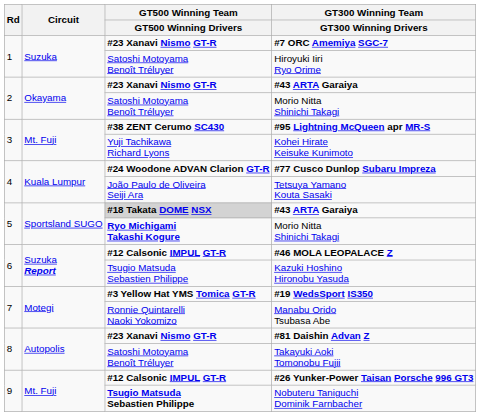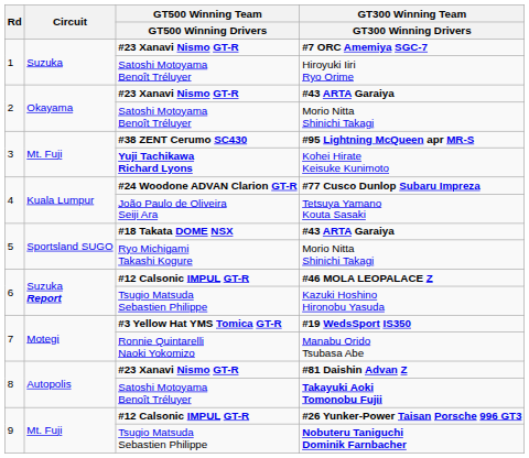 <table class="wikitable" style="font-size: 90%">
 <tr>
 <th rowspan=2>Rd</th>
 <th rowspan=2>Circuit</th>
 <th>GT500 Winning Team</th>
 <th>GT300 Winning Team</th>
 </tr>
 <tr>
 <th>GT500 Winning Drivers</th>
 <th>GT300 Winning Drivers</th>
 </tr>
 <tr>
 <td rowspan=2>1</td>
 <td rowspan=2><a href='#'>Suzuka</a></td>
 <td> <strong>#23 Xanavi <a href='#'>Nismo</a> <a href='#'>GT-R</a></strong></td>
 <td> <strong>#7 ORC <a href='#'>Amemiya</a> <a href='#'>SGC-7</a></strong></td>
 </tr>
 <tr>
 <td> <a href='#'>Satoshi Motoyama</a><br> <a href='#'>Benoît Tréluyer</a></td>
 <td> Hiroyuki Iiri<br> <a href='#'>Ryo Orime</a></td>
 </tr>
 <tr>
 <td rowspan=2>2</td>
 <td rowspan=2><a href='#'>Okayama</a></td>
 <td> <strong>#23 Xanavi <a href='#'>Nismo</a> <a href='#'>GT-R</a></strong></td>
 <td> <strong>#43 <a href='#'>ARTA</a> Garaiya</strong></td>
 </tr>
 <tr>
 <td> <a href='#'>Satoshi Motoyama</a><br> <a href='#'>Benoît Tréluyer</a></td>
 <td> Morio Nitta<br> <a href='#'>Shinichi Takagi</a></td>
 </tr>
 <tr>
 <td rowspan=2>3</td>
 <td rowspan=2><a href='#'>Mt. Fuji</a></td>
 <td> <strong>#38 ZENT Cerumo <a href='#'>SC430</a></strong></td>
 <td> <strong>#95 <a href='#'>Lightning McQueen</a> apr <a href='#'>MR-S</a></strong></td>
 </tr>
 <tr>
-<td> <a href='#'>Yuji Tachikawa</a><br> <a href='#'>Richard Lyons</a></td>
+<td><strong> <a href='#'>Yuji Tachikawa</a><br> <a href='#'>Richard Lyons</a></strong></td>
 <td> <a href='#'>Kohei Hirate</a><br> <a href='#'>Keisuke Kunimoto</a></td>
 </tr>
 <tr>
 <td rowspan=2>4</td>
 <td rowspan=2><a href='#'>Kuala Lumpur</a></td>
 <td> <strong>#24 Woodone ADVAN Clarion <a href='#'>GT-R</a></strong></td>
 <td> <strong>#77 Cusco Dunlop <a href='#'>Subaru Impreza</a></strong></td>
 </tr>
 <tr>
 <td>  <a href='#'>João Paulo de Oliveira</a><br> <a href='#'>Seiji Ara</a></td>
 <td> <a href='#'>Tetsuya Yamano</a><br> <a href='#'>Kouta Sasaki</a></td>
 </tr>
 <tr>
 <td rowspan=2>5</td>
 <td rowspan=2><a href='#'>Sportsland SUGO</a></td>
-<td style="background: lightgrey;"> <strong>#18 Takata <a href='#'>DOME</a> <a href='#'>NSX</a></strong></td>
+<td> <strong>#18 Takata <a href='#'>DOME</a> <a href='#'>NSX</a></strong></td>
 <td> <strong>#43 <a href='#'>ARTA</a> Garaiya</strong></td>
 </tr>
 <tr>
-<td><strong> <a href='#'>Ryo Michigami</a><br> <a href='#'>Takashi Kogure</a></strong></td>
+<td> <a href='#'>Ryo Michigami</a><br> <a href='#'>Takashi Kogure</a></td>
 <td> Morio Nitta<br> <a href='#'>Shinichi Takagi</a></td>
 </tr>
 <tr>
 <td rowspan=2>6</td>
 <td rowspan=2><a href='#'>Suzuka</a><br><strong><em><a href='#'>Report</a></em></strong></td>
 <td> <strong>#12 Calsonic <a href='#'>IMPUL</a> <a href='#'>GT-R</a></strong></td>
 <td> <strong>#46 MOLA LEOPALACE <a href='#'>Z</a></strong></td>
 </tr>
 <tr>
 <td> <a href='#'>Tsugio Matsuda</a><br> <a href='#'>Sebastien Philippe</a></td>
 <td> <a href='#'>Kazuki Hoshino</a><br> <a href='#'>Hironobu Yasuda</a></td>
 </tr>
 <tr>
 <td rowspan=2>7</td>
 <td rowspan=2><a href='#'>Motegi</a></td>
 <td> <strong>#3 Yellow Hat YMS <a href='#'>Tomica</a> <a href='#'>GT-R</a></strong></td>
 <td> <strong>#19 <a href='#'>WedsSport</a> <a href='#'>IS350</a></strong></td>
 </tr>
 <tr>
 <td> <a href='#'>Ronnie Quintarelli</a><br> <a href='#'>Naoki Yokomizo</a></td>
 <td> <a href='#'>Manabu Orido</a><br> Tsubasa Abe</td>
 </tr>
 <tr>
 <td rowspan=2>8</td>
 <td rowspan=2><a href='#'>Autopolis</a></td>
 <td> <strong>#23 Xanavi <a href='#'>Nismo</a> <a href='#'>GT-R</a></strong></td>
 <td> <strong>#81 Daishin <a href='#'>Advan</a> <a href='#'>Z</a></strong></td>
 </tr>
 <tr>
 <td> <a href='#'>Satoshi Motoyama</a><br> <a href='#'>Benoît Tréluyer</a></td>
-<td> <a href='#'>Takayuki Aoki</a><br> <a href='#'>Tomonobu Fujii</a></td>
+<td><strong> <a href='#'>Takayuki Aoki</a><br> <a href='#'>Tomonobu Fujii</a></strong></td>
 </tr>
 <tr>
 <td rowspan=2>9</td>
 <td rowspan=2><a href='#'>Mt. Fuji</a></td>
 <td> <strong>#12 Calsonic <a href='#'>IMPUL</a> <a href='#'>GT-R</a></strong></td>
 <td> <strong>#26 Yunker-Power <a href='#'>Taisan</a> <a href='#'>Porsche</a> <a href='#'>996 GT3</a></strong></td>
 </tr>
 <tr>
-<td><strong> <a href='#'>Tsugio Matsuda</a><br> Sebastien Philippe</strong></td>
-<td> <a href='#'>Nobuteru Taniguchi</a><br> <a href='#'>Dominik Farnbacher</a></td>
+<td> <a href='#'>Tsugio Matsuda</a><br> Sebastien Philippe</td>
+<td><strong> <a href='#'>Nobuteru Taniguchi</a><br> <a href='#'>Dominik Farnbacher</a></strong></td>
 </tr>
 </table>
